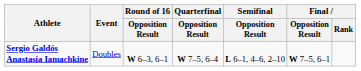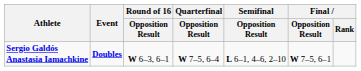 <table class=wikitable style=font-size:90%;text-align:center>
 <tr>
 <th rowspan=2>Athlete</th>
 <th rowspan=2>Event</th>
 <th>Round of 16</th>
 <th>Quarterfinal</th>
 <th>Semifinal</th>
 <th colspan=2>Final / </th>
 </tr>
 <tr style=font-size:95%>
 <th>Opposition<br>Result</th>
 <th>Opposition<br>Result</th>
 <th>Opposition<br>Result</th>
 <th>Opposition<br>Result</th>
 <th>Rank</th>
 </tr>
 <tr>
 <td align=left><strong><a href='#'>Sergio Galdós</a><br><a href='#'>Anastasia Iamachkine</a></strong></td>
-<td align=left><a href='#'>Doubles</a></td>
+<td align=left><strong><a href='#'>Doubles</a></strong></td>
 <td><br><strong>W</strong> 6–3, 6–1</td>
 <td><br><strong>W</strong> 7–5, 6–4</td>
 <td><br><strong>L</strong> 6–1, 4–6, 2–10</td>
 <td><br><strong>W</strong> 7–5, 6–1</td>
 <td></td>
 </tr>
 </table>
